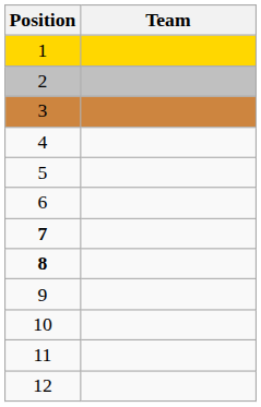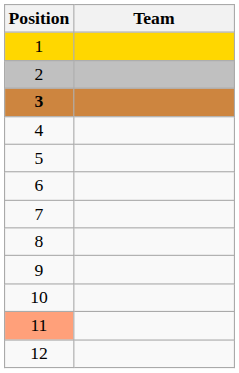 <table class="wikitable" style="width:210px;">
 <tr>
 <th width=30>Position</th>
 <th width=165>Team</th>
 </tr>
 <tr style="background:gold;">
 <td align=center>1</td>
 <td></td>
 </tr>
 <tr style="background:silver;">
 <td align=center>2</td>
 <td></td>
 </tr>
 <tr style="background:peru;">
-<td align=center>3</td>
+<td align=center><strong>3</strong></td>
 <td></td>
 </tr>
 <tr>
 <td align=center>4</td>
 <td></td>
 </tr>
 <tr>
 <td align=center>5</td>
 <td></td>
 </tr>
 <tr>
 <td align=center>6</td>
 <td></td>
 </tr>
 <tr>
-<td align=center><strong>7</strong></td>
+<td align=center>7</td>
 <td></td>
 </tr>
 <tr>
-<td align=center><strong>8</strong></td>
+<td align=center>8</td>
 <td></td>
 </tr>
 <tr>
 <td align=center>9</td>
 <td></td>
 </tr>
 <tr>
 <td align=center>10</td>
 <td></td>
 </tr>
 <tr>
-<td align=center>11</td>
+<td align=center style="background: lightsalmon;">11</td>
 <td></td>
 </tr>
 <tr>
 <td align=center>12</td>
 <td></td>
 </tr>
 </table>
